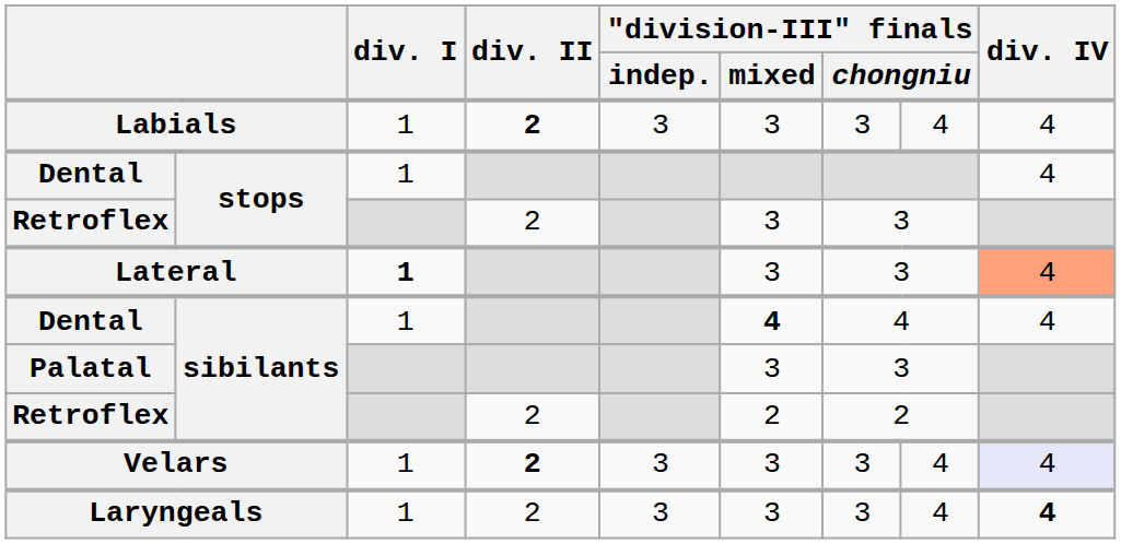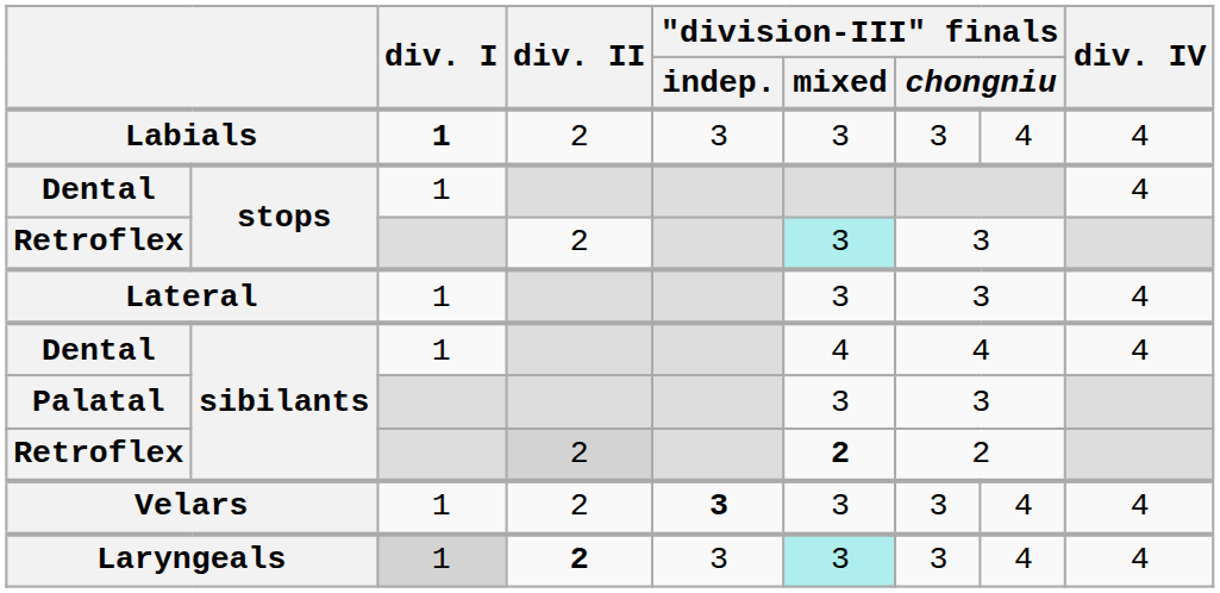 <table class="wikitable" style="margin: 1em auto 1em auto; text-align: center;">
 <tr>
 <th colspan="2" rowspan="2"></th>
 <th rowspan="2">div. I</th>
 <th rowspan="2">div. II</th>
 <th colspan="4">"division-III" finals</th>
 <th rowspan="2">div. IV</th>
 </tr>
 <tr>
 <th>indep.</th>
 <th>mixed</th>
 <th colspan="2"><em>chongniu</em></th>
 </tr>
 <tr style="border-top: 2px solid #aaa;">
 <th colspan="2">Labials</th>
-<td>1</td>
-<td><strong>2</strong></td>
+<td><strong>1</strong></td>
+<td>2</td>
 <td>3</td>
 <td>3</td>
 <td>3</td>
 <td>4</td>
 <td>4</td>
 </tr>
 <tr style="border-top: 2px solid #aaa;">
 <th>Dental</th>
 <th rowspan="2">stops</th>
 <td>1</td>
 <td style="background-color:#ddd"></td>
 <td style="background-color:#ddd"></td>
 <td style="background-color:#ddd"></td>
 <td style="background-color:#ddd" colspan="2"></td>
 <td>4</td>
 </tr>
 <tr>
 <th>Retroflex</th>
 <td style="background-color:#ddd"></td>
 <td>2</td>
 <td style="background-color:#ddd"></td>
-<td>3</td>
+<td style="background: paleturquoise;">3</td>
 <td colspan="2">3</td>
 <td style="background-color:#ddd"></td>
 </tr>
 <tr style="border-top: 2px solid #aaa;">
 <th colspan="2">Lateral</th>
-<td><strong>1</strong></td>
+<td>1</td>
 <td style="background-color:#ddd"></td>
 <td style="background-color:#ddd"></td>
 <td>3</td>
 <td colspan="2">3</td>
-<td style="background: lightsalmon;">4</td>
+<td>4</td>
 </tr>
 <tr style="border-top: 2px solid #aaa;">
 <th>Dental</th>
 <th rowspan="3">sibilants</th>
 <td>1</td>
 <td style="background-color:#ddd"></td>
 <td style="background-color:#ddd"></td>
-<td><strong>4</strong></td>
+<td>4</td>
 <td colspan="2">4</td>
 <td>4</td>
 </tr>
 <tr>
 <th>Palatal</th>
 <td style="background-color:#ddd"></td>
 <td style="background-color:#ddd"></td>
 <td style="background-color:#ddd"></td>
 <td>3</td>
 <td colspan="2">3</td>
 <td style="background-color:#ddd"></td>
 </tr>
 <tr>
 <th>Retroflex</th>
 <td style="background-color:#ddd"></td>
-<td>2</td>
+<td style="background: lightgrey;">2</td>
 <td style="background-color:#ddd"></td>
-<td>2</td>
+<td><strong>2</strong></td>
 <td colspan="2">2</td>
 <td style="background-color:#ddd"></td>
 </tr>
 <tr style="border-top: 2px solid #aaa;">
 <th colspan="2">Velars</th>
 <td>1</td>
-<td><strong>2</strong></td>
-<td>3</td>
+<td>2</td>
+<td><strong>3</strong></td>
 <td>3</td>
 <td>3</td>
 <td>4</td>
-<td style="background: lavender;">4</td>
+<td>4</td>
 </tr>
 <tr style="border-top: 2px solid #aaa;">
 <th colspan="2">Laryngeals</th>
-<td>1</td>
-<td>2</td>
+<td style="background: lightgrey;">1</td>
+<td><strong>2</strong></td>
 <td>3</td>
-<td>3</td>
+<td style="background: paleturquoise;">3</td>
 <td>3</td>
 <td>4</td>
-<td><strong>4</strong></td>
+<td>4</td>
 </tr>
 </table>
